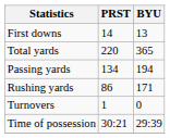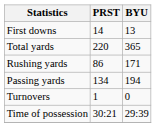 <table class="wikitable" style="float: left;">
 <tr>
 <th>Statistics</th>
 <th>PRST</th>
 <th>BYU</th>
 </tr>
 <tr>
 <td>First downs</td>
 <td>14</td>
 <td>13</td>
 </tr>
 <tr>
 <td>Total yards</td>
 <td>220</td>
 <td>365</td>
 </tr>
 <tr>
+<td>Rushing yards</td>
+<td>86</td>
+<td>171</td>
+</tr>
+<tr>
 <td>Passing yards</td>
 <td>134</td>
 <td>194</td>
-</tr>
-<tr>
-<td>Rushing yards</td>
-<td>86</td>
-<td>171</td>
 </tr>
 <tr>
 <td>Turnovers</td>
 <td>1</td>
 <td>0</td>
 </tr>
 <tr>
 <td>Time of possession</td>
 <td>30:21</td>
 <td>29:39</td>
 </tr>
 <tr>
 </tr>
 </table>
